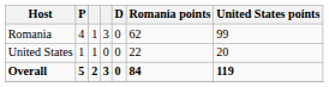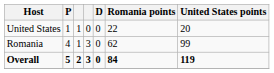 <table class="wikitable">
 <tr>
 <th align=center>Host</th>
 <th align=center>P</th>
 <th align=center></th>
 <th align=center></th>
 <th align=center>D</th>
 <th align=center>Romania points</th>
 <th align=center>United States points</th>
 </tr>
 <tr>
+<td align=left> United States</td>
+<td>1</td>
+<td>1</td>
+<td>0</td>
+<td>0</td>
+<td>22</td>
+<td>20</td>
+</tr>
+<tr>
 <td align=left> Romania</td>
 <td>4</td>
 <td>1</td>
 <td>3</td>
 <td>0</td>
 <td>62</td>
 <td>99</td>
-</tr>
-<tr>
-<td align=left> United States</td>
-<td>1</td>
-<td>1</td>
-<td>0</td>
-<td>0</td>
-<td>22</td>
-<td>20</td>
 </tr>
 <tr>
 <td><strong>Overall</strong></td>
 <td><strong>5</strong></td>
 <td><strong>2</strong></td>
 <td><strong>3</strong></td>
 <td><strong>0</strong></td>
 <td><strong>84</strong></td>
 <td><strong>119</strong></td>
 </tr>
 <tr>
 </tr>
 </table>
